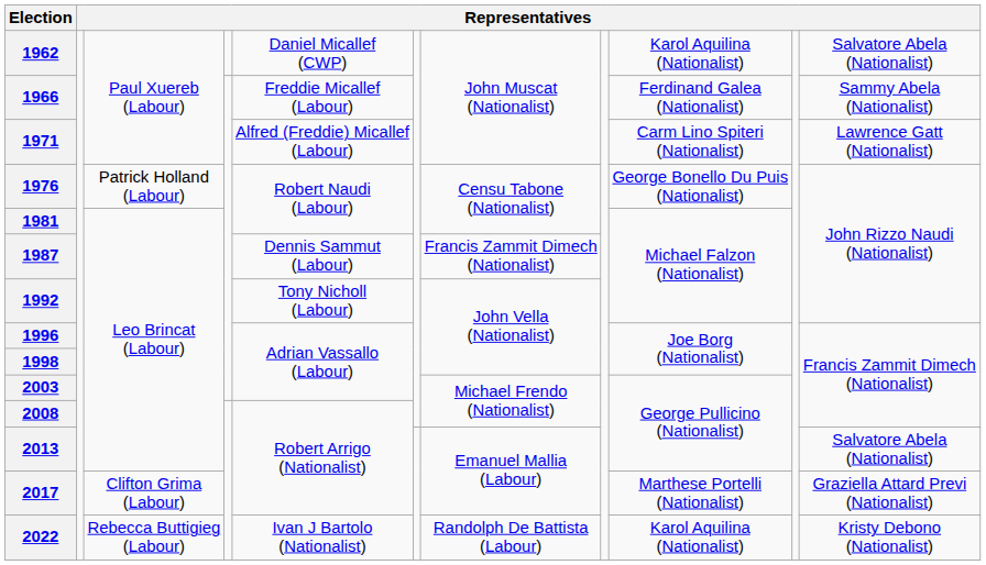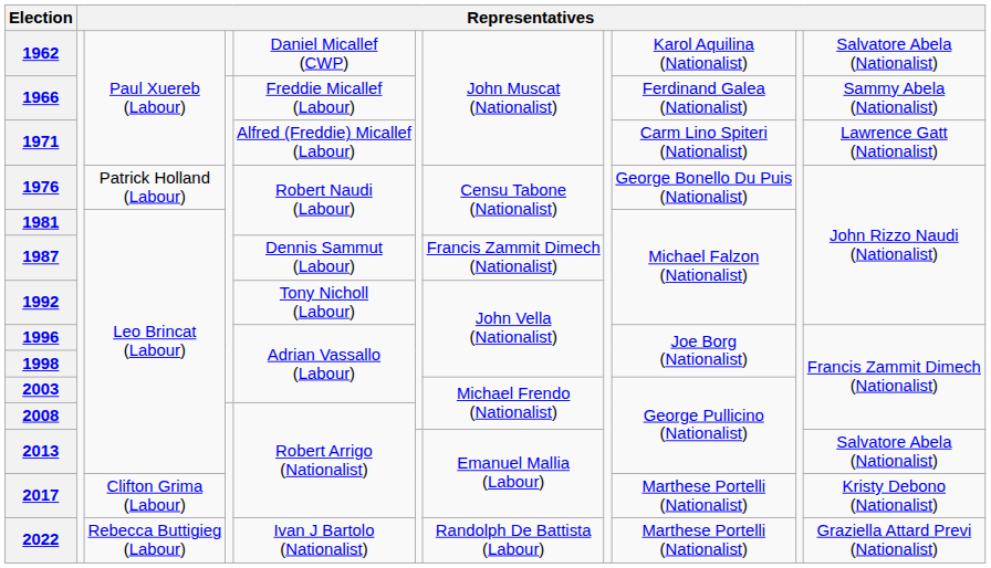 <table class="wikitable" style="text-align:center">
 <tr>
 <th>Election</th>
 <th colspan=10>Representatives</th>
 </tr>
 <tr>
 <th><a href='#'>1962</a></th>
 <td rowspan=14; style="background-color: "></td>
 <td rowspan=3><a href='#'>Paul Xuereb</a><br>(<a href='#'>Labour</a>)</td>
 <td rowspan=1; style="background-color: "></td>
 <td rowspan=1><a href='#'>Daniel Micallef</a><br>(<a href='#'>CWP</a>)</td>
 <td rowspan=11; style="background-color: "></td>
 <td rowspan=3><a href='#'>John Muscat</a><br>(<a href='#'>Nationalist</a>)</td>
 <td rowspan=14; style="background-color: "></td>
 <td rowspan=1><a href='#'>Karol Aquilina</a><br>(<a href='#'>Nationalist</a>)</td>
 <td rowspan=14; style="background-color: "></td>
 <td rowspan=1><a href='#'>Salvatore Abela</a><br>(<a href='#'>Nationalist</a>)</td>
 </tr>
 <tr>
 <th><a href='#'>1966</a></th>
 <td rowspan=9; style="background-color: "></td>
 <td rowspan=1><a href='#'>Freddie Micallef</a><br>(<a href='#'>Labour</a>)</td>
 <td rowspan=1><a href='#'>Ferdinand Galea</a><br>(<a href='#'>Nationalist</a>)</td>
 <td rowspan=1><a href='#'>Sammy Abela</a><br>(<a href='#'>Nationalist</a>)</td>
 </tr>
 <tr>
 <th><a href='#'>1971</a></th>
 <td rowspan=1><a href='#'>Alfred (Freddie) Micallef</a><br>(<a href='#'>Labour</a>)</td>
 <td rowspan=1><a href='#'>Carm Lino Spiteri</a><br>(<a href='#'>Nationalist</a>)</td>
 <td rowspan=1><a href='#'>Lawrence Gatt</a><br>(<a href='#'>Nationalist</a>)</td>
 </tr>
 <tr>
 <th><a href='#'>1976</a></th>
 <td rowspan=1>Patrick Holland<br>(<a href='#'>Labour</a>)</td>
 <td rowspan=2><a href='#'>Robert Naudi</a><br>(<a href='#'>Labour</a>)</td>
 <td rowspan=2><a href='#'>Censu Tabone</a><br>(<a href='#'>Nationalist</a>)</td>
 <td rowspan=1><a href='#'>George Bonello Du Puis</a><br>(<a href='#'>Nationalist</a>)</td>
 <td rowspan=4><a href='#'>John Rizzo Naudi</a><br>(<a href='#'>Nationalist</a>)</td>
 </tr>
 <tr>
 <th><a href='#'>1981</a></th>
 <td rowspan=8><a href='#'>Leo Brincat</a><br>(<a href='#'>Labour</a>)</td>
 <td rowspan=3><a href='#'>Michael Falzon</a><br>(<a href='#'>Nationalist</a>)</td>
 </tr>
 <tr>
 <th><a href='#'>1987</a></th>
 <td rowspan=1><a href='#'>Dennis Sammut</a><br>(<a href='#'>Labour</a>)</td>
 <td rowspan=1><a href='#'>Francis Zammit Dimech</a><br>(<a href='#'>Nationalist</a>)</td>
 </tr>
 <tr>
 <th><a href='#'>1992</a></th>
 <td rowspan=1><a href='#'>Tony Nicholl</a><br>(<a href='#'>Labour</a>)</td>
 <td rowspan=3><a href='#'>John Vella</a><br>(<a href='#'>Nationalist</a>)</td>
 </tr>
 <tr>
 <th><a href='#'>1996</a></th>
 <td rowspan=3><a href='#'>Adrian Vassallo</a><br>(<a href='#'>Labour</a>)</td>
 <td rowspan=2><a href='#'>Joe Borg</a><br>(<a href='#'>Nationalist</a>)</td>
 <td rowspan=4><a href='#'>Francis Zammit Dimech</a><br>(<a href='#'>Nationalist</a>)</td>
 </tr>
 <tr>
 <th><a href='#'>1998</a></th>
 </tr>
 <tr>
 <th><a href='#'>2003</a></th>
 <td rowspan=2><a href='#'>Michael Frendo</a><br>(<a href='#'>Nationalist</a>)</td>
 <td rowspan=3><a href='#'>George Pullicino</a><br>(<a href='#'>Nationalist</a>)</td>
 </tr>
 <tr>
 <th><a href='#'>2008</a></th>
 <td rowspan=4; style="background-color: "></td>
 <td rowspan=3><a href='#'>Robert Arrigo</a><br>(<a href='#'>Nationalist</a>)</td>
 </tr>
 <tr>
 <th><a href='#'>2013</a></th>
 <td rowspan=13; style="background-color: "></td>
 <td rowspan=2><a href='#'>Emanuel Mallia</a><br>(<a href='#'>Labour</a>)</td>
 <td rowspan=1><a href='#'>Salvatore Abela</a><br>(<a href='#'>Nationalist</a>)</td>
 </tr>
 <tr>
 <th><a href='#'>2017</a></th>
 <td rowspan=1><a href='#'>Clifton Grima</a><br>(<a href='#'>Labour</a>)</td>
 <td rowspan=1><a href='#'>Marthese Portelli</a><br>(<a href='#'>Nationalist</a>)</td>
-<td rowspan=1><a href='#'>Graziella Attard Previ</a><br>(<a href='#'>Nationalist</a>)</td>
+<td><a href='#'>Kristy Debono</a><br>(<a href='#'>Nationalist</a>)</td>
 </tr>
 <tr>
 <th><a href='#'>2022</a></th>
 <td rowspan=1><a href='#'>Rebecca Buttigieg</a><br>(<a href='#'>Labour</a>)</td>
 <td rowspan=1><a href='#'>Ivan J Bartolo</a><br>(<a href='#'>Nationalist</a>)</td>
 <td rowspan=1><a href='#'>Randolph De Battista</a><br>(<a href='#'>Labour</a>)</td>
-<td rowspan=1><a href='#'>Karol Aquilina</a><br>(<a href='#'>Nationalist</a>)</td>
-<td><a href='#'>Kristy Debono</a><br>(<a href='#'>Nationalist</a>)</td>
+<td rowspan=1><a href='#'>Marthese Portelli</a><br>(<a href='#'>Nationalist</a>)</td>
+<td rowspan=1><a href='#'>Graziella Attard Previ</a><br>(<a href='#'>Nationalist</a>)</td>
 </tr>
 </table>
